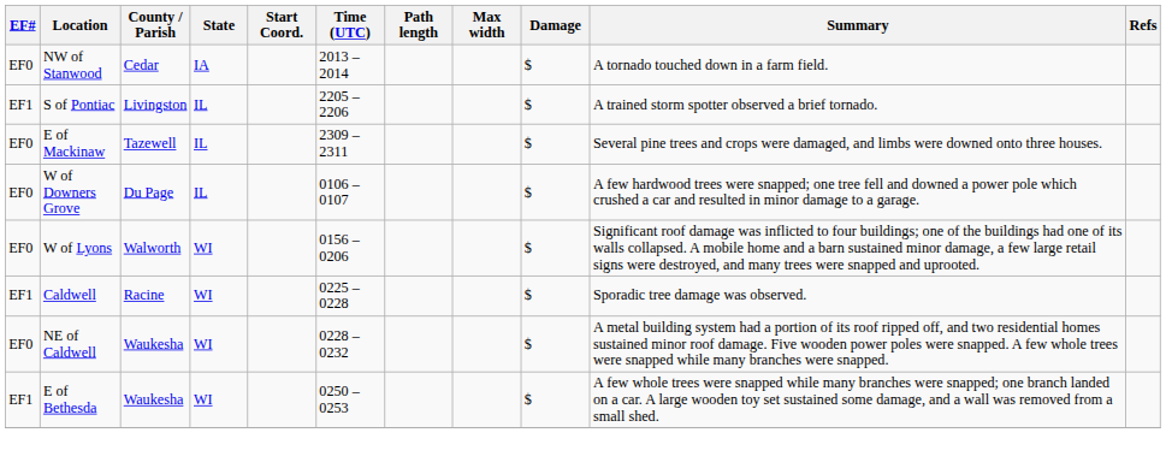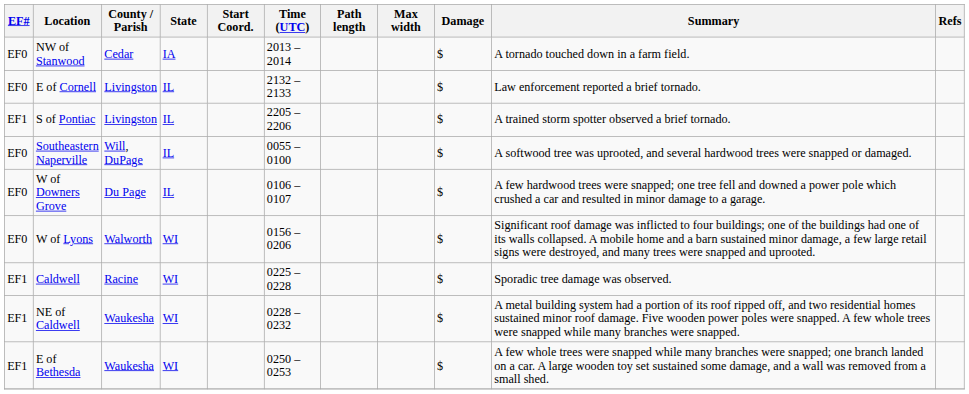 <table class="wikitable sortable" style="width:100%;">
 <tr>
 <th scope="col" width="3%" align="center"><a href='#'>EF#</a></th>
 <th scope="col" width="7%" align="center" class="unsortable">Location</th>
 <th scope="col" width="6%" align="center" class="unsortable">County / Parish</th>
 <th scope="col" width="5%" align="center">State</th>
 <th scope="col" width="6%" align="center">Start Coord.</th>
 <th scope="col" width="6%" align="center">Time (<a href='#'>UTC</a>)</th>
 <th scope="col" width="6%" align="center">Path length</th>
 <th scope="col" width="6%" align="center">Max width</th>
 <th scope="col" width="6%" align="center">Damage</th>
 <th scope="col" width="48%" class="unsortable" align="center">Summary</th>
 <th scope="col" width="48%" class="unsortable" align="center">Refs</th>
 </tr>
 <tr>
 <td>EF0</td>
 <td>NW of <a href='#'>Stanwood</a></td>
 <td><a href='#'>Cedar</a></td>
 <td><a href='#'>IA</a></td>
 <td></td>
 <td>2013 – 2014</td>
 <td></td>
 <td></td>
 <td>$</td>
 <td>A tornado touched down in a farm field.</td>
 <td></td>
 </tr>
 <tr>
+<td>EF0</td>
+<td>E of <a href='#'>Cornell</a></td>
+<td><a href='#'>Livingston</a></td>
+<td><a href='#'>IL</a></td>
+<td></td>
+<td>2132 – 2133</td>
+<td></td>
+<td></td>
+<td>$</td>
+<td>Law enforcement reported a brief tornado.</td>
+<td></td>
+</tr>
+<tr>
 <td>EF1</td>
 <td>S of <a href='#'>Pontiac</a></td>
 <td><a href='#'>Livingston</a></td>
 <td><a href='#'>IL</a></td>
 <td></td>
 <td>2205 – 2206</td>
 <td></td>
 <td></td>
 <td>$</td>
 <td>A trained storm spotter observed a brief tornado.</td>
 <td></td>
 </tr>
 <tr>
 <td>EF0</td>
-<td>E of <a href='#'>Mackinaw</a></td>
-<td><a href='#'>Tazewell</a></td>
+<td><a href='#'>Southeastern Naperville</a></td>
+<td><a href='#'>Will</a>, <a href='#'>DuPage</a></td>
 <td><a href='#'>IL</a></td>
 <td></td>
-<td>2309 – 2311</td>
+<td>0055 – 0100</td>
 <td></td>
 <td></td>
 <td>$</td>
-<td>Several pine trees and crops were damaged, and limbs were downed onto three houses.</td>
+<td>A softwood tree was uprooted, and several hardwood trees were snapped or damaged.</td>
 <td></td>
 </tr>
 <tr>
 <td>EF0</td>
 <td>W of <a href='#'>Downers Grove</a></td>
 <td><a href='#'>Du Page</a></td>
 <td><a href='#'>IL</a></td>
 <td></td>
 <td>0106 – 0107</td>
 <td></td>
 <td></td>
 <td>$</td>
 <td>A few hardwood trees were snapped; one tree fell and downed a power pole which crushed a car and resulted in minor damage to a garage.</td>
 <td></td>
 </tr>
 <tr>
 <td>EF0</td>
 <td>W of <a href='#'>Lyons</a></td>
 <td><a href='#'>Walworth</a></td>
 <td><a href='#'>WI</a></td>
 <td></td>
 <td>0156 – 0206</td>
 <td></td>
 <td></td>
 <td>$</td>
 <td>Significant roof damage was inflicted to four buildings; one of the buildings had one of its walls collapsed. A mobile home and a barn sustained minor damage, a few large retail signs were destroyed, and many trees were snapped and uprooted.</td>
 <td></td>
 </tr>
 <tr>
 <td>EF1</td>
 <td><a href='#'>Caldwell</a></td>
 <td><a href='#'>Racine</a></td>
 <td><a href='#'>WI</a></td>
 <td></td>
 <td>0225 – 0228</td>
 <td></td>
 <td></td>
 <td>$</td>
 <td>Sporadic tree damage was observed.</td>
 <td></td>
 </tr>
 <tr>
-<td>EF0</td>
+<td>EF1</td>
 <td>NE of <a href='#'>Caldwell</a></td>
 <td><a href='#'>Waukesha</a></td>
 <td><a href='#'>WI</a></td>
 <td></td>
 <td>0228 – 0232</td>
 <td></td>
 <td></td>
 <td>$</td>
 <td>A metal building system had a portion of its roof ripped off, and two residential homes sustained minor roof damage. Five wooden power poles were snapped. A few whole trees were snapped while many branches were snapped.</td>
 <td></td>
 </tr>
 <tr>
 <td>EF1</td>
 <td>E of <a href='#'>Bethesda</a></td>
 <td><a href='#'>Waukesha</a></td>
 <td><a href='#'>WI</a></td>
 <td></td>
 <td>0250 – 0253</td>
 <td></td>
 <td></td>
 <td>$</td>
 <td>A few whole trees were snapped while many branches were snapped; one branch landed on a car. A large wooden toy set sustained some damage, and a wall was removed from a small shed.</td>
 <td></td>
 </tr>
 <tr>
 </tr>
 </table>
